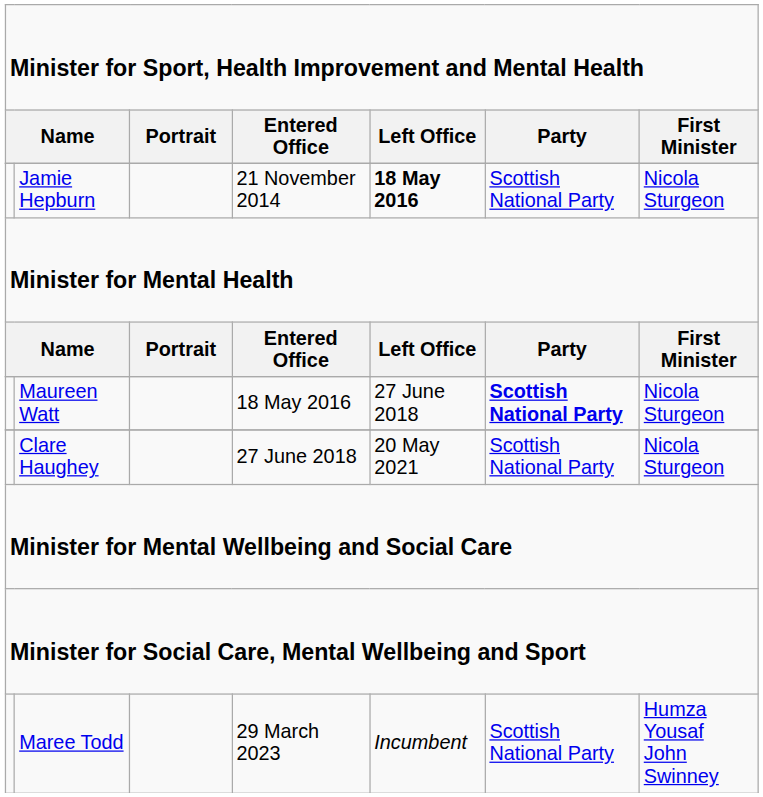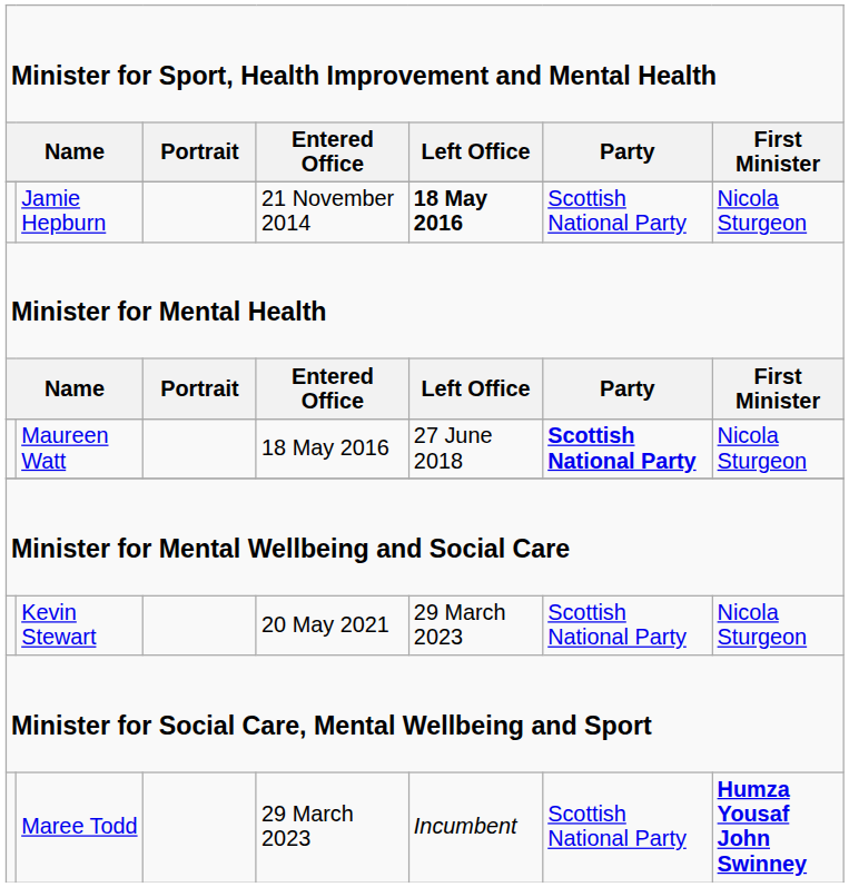 <table class="wikitable" style="margin: 0 0 0 1em; background: #f9f9f9; border: 1px #aaaaaa solid; border-collapse: collapse; ">
 <tr>
 <td colspan="7"><br><h3>Minister for Sport, Health Improvement and Mental Health</h3></td>
 </tr>
 <tr>
 <th colspan="2">Name</th>
 <th width=75>Portrait</th>
 <th>Entered Office</th>
 <th>Left Office</th>
 <th>Party</th>
 <th>First Minister</th>
 </tr>
 <tr>
 </tr>
 <tr>
 <td></td>
 <td><a href='#'>Jamie Hepburn</a></td>
 <td></td>
 <td>21 November 2014</td>
 <td><strong>18 May 2016</strong></td>
 <td><a href='#'>Scottish National Party</a></td>
 <td><a href='#'>Nicola Sturgeon</a></td>
 </tr>
 <tr>
 <td colspan="7"><br><h3>Minister for Mental Health</h3></td>
 </tr>
 <tr>
 <th colspan="2">Name</th>
 <th width=75>Portrait</th>
 <th>Entered Office</th>
 <th>Left Office</th>
 <th>Party</th>
 <th>First Minister</th>
 </tr>
 <tr>
 </tr>
 <tr>
 <td></td>
 <td><a href='#'>Maureen Watt</a></td>
 <td></td>
 <td>18 May 2016</td>
 <td>27 June 2018</td>
 <td><strong><a href='#'>Scottish National Party</a></strong></td>
 <td><a href='#'>Nicola Sturgeon</a></td>
 </tr>
 <tr>
 </tr>
 <tr>
+<td colspan="7"><br><h3>Minister for Mental Wellbeing and Social Care</h3></td>
+</tr>
+<tr>
 <td></td>
-<td><a href='#'>Clare Haughey</a></td>
+<td><a href='#'>Kevin Stewart</a></td>
 <td></td>
-<td>27 June 2018</td>
 <td>20 May 2021</td>
+<td>29 March 2023</td>
 <td><a href='#'>Scottish National Party</a></td>
 <td><a href='#'>Nicola Sturgeon</a></td>
-</tr>
-<tr>
-<td colspan="7"><br><h3>Minister for Mental Wellbeing and Social Care</h3></td>
 </tr>
 <tr>
 <td colspan="7"><br><h3>Minister for Social Care, Mental Wellbeing and Sport</h3></td>
 </tr>
 <tr>
 <td></td>
 <td><a href='#'>Maree Todd</a></td>
 <td></td>
 <td>29 March 2023</td>
 <td><em>Incumbent</em></td>
 <td><a href='#'>Scottish National Party</a></td>
-<td><a href='#'>Humza Yousaf</a><br><a href='#'>John Swinney</a></td>
+<td><strong><a href='#'>Humza Yousaf</a><br><a href='#'>John Swinney</a></strong></td>
 </tr>
 </table>
